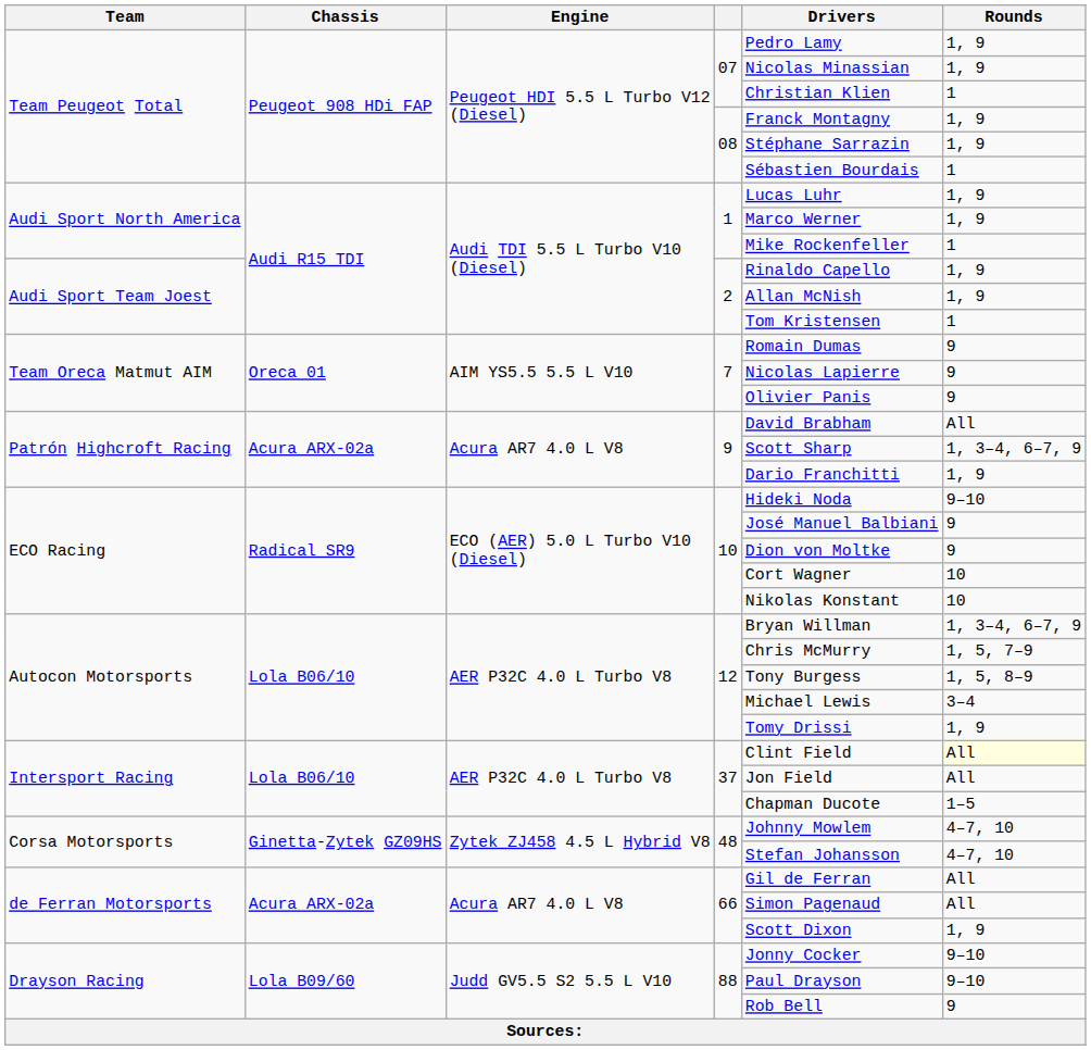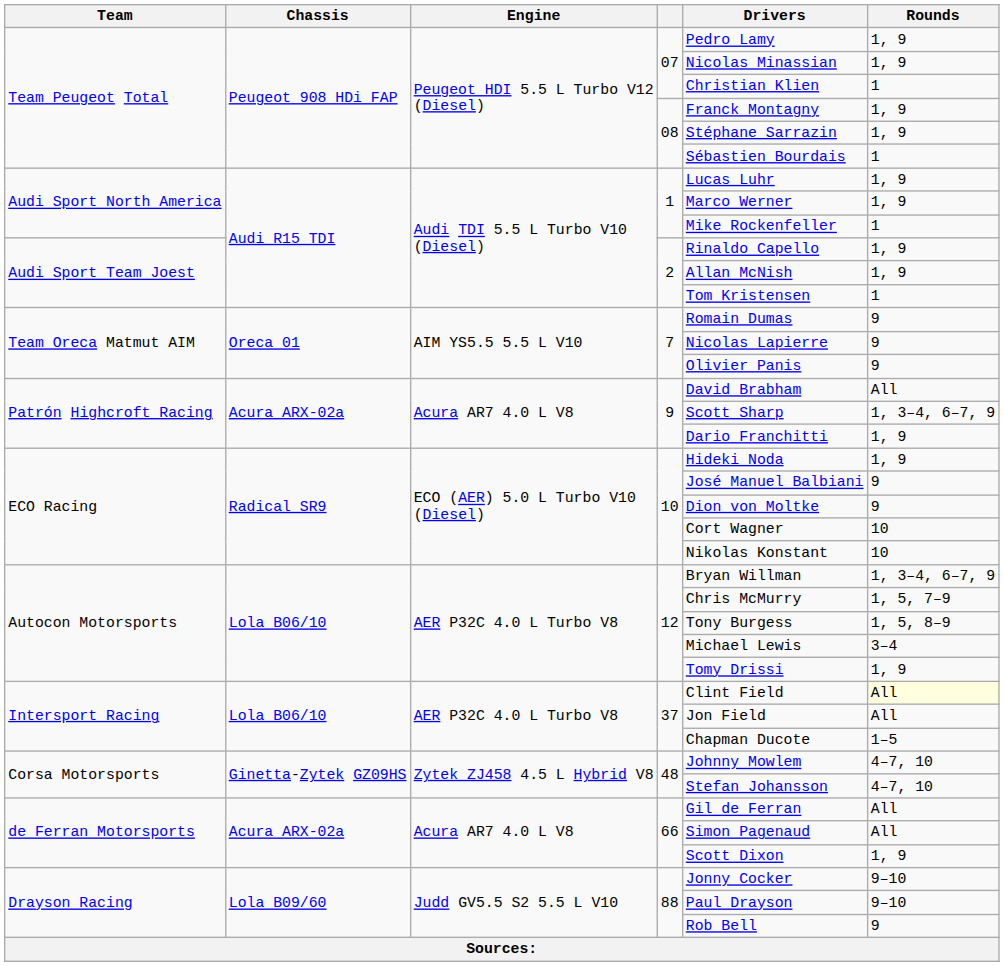 <table class="wikitable" style="font-size: 85%">
 <tr>
 <th>Team</th>
 <th>Chassis</th>
 <th>Engine</th>
 <th></th>
 <th>Drivers</th>
 <th>Rounds</th>
 </tr>
 <tr>
 <td rowspan="6"> <a href='#'>Team Peugeot</a> <a href='#'>Total</a></td>
 <td rowspan="6"><a href='#'>Peugeot 908 HDi FAP</a></td>
 <td rowspan="6"><a href='#'>Peugeot HDI</a> 5.5 L Turbo V12<br>(<a href='#'>Diesel</a>)</td>
 <td rowspan="3" align="center">07</td>
 <td> <a href='#'>Pedro Lamy</a></td>
 <td>1, 9</td>
 </tr>
 <tr>
 <td> <a href='#'>Nicolas Minassian</a></td>
 <td>1, 9</td>
 </tr>
 <tr>
 <td> <a href='#'>Christian Klien</a></td>
 <td>1</td>
 </tr>
 <tr>
 <td rowspan="3" align="center">08</td>
 <td> <a href='#'>Franck Montagny</a></td>
 <td>1, 9</td>
 </tr>
 <tr>
 <td> <a href='#'>Stéphane Sarrazin</a></td>
 <td>1, 9</td>
 </tr>
 <tr>
 <td> <a href='#'>Sébastien Bourdais</a></td>
 <td>1</td>
 </tr>
 <tr>
 <td rowspan="3"> <a href='#'>Audi Sport North America</a></td>
 <td rowspan="6"><a href='#'>Audi R15 TDI</a></td>
 <td rowspan="6"><a href='#'>Audi</a> <a href='#'>TDI</a> 5.5 L Turbo V10<br>(<a href='#'>Diesel</a>)</td>
 <td rowspan="3" align="center">1</td>
 <td> <a href='#'>Lucas Luhr</a></td>
 <td>1, 9</td>
 </tr>
 <tr>
 <td> <a href='#'>Marco Werner</a></td>
 <td>1, 9</td>
 </tr>
 <tr>
 <td> <a href='#'>Mike Rockenfeller</a></td>
 <td>1</td>
 </tr>
 <tr>
 <td rowspan="3"> <a href='#'>Audi Sport Team Joest</a></td>
 <td rowspan="3" align="center">2</td>
 <td> <a href='#'>Rinaldo Capello</a></td>
 <td>1, 9</td>
 </tr>
 <tr>
 <td> <a href='#'>Allan McNish</a></td>
 <td>1, 9</td>
 </tr>
 <tr>
 <td> <a href='#'>Tom Kristensen</a></td>
 <td>1</td>
 </tr>
 <tr>
 <td rowspan="3"> <a href='#'>Team Oreca</a> Matmut AIM</td>
 <td rowspan="3"><a href='#'>Oreca 01</a></td>
 <td rowspan="3">AIM YS5.5 5.5 L V10</td>
 <td rowspan="3" align="center">7</td>
 <td> <a href='#'>Romain Dumas</a></td>
 <td>9</td>
 </tr>
 <tr>
 <td> <a href='#'>Nicolas Lapierre</a></td>
 <td>9</td>
 </tr>
 <tr>
 <td> <a href='#'>Olivier Panis</a></td>
 <td>9</td>
 </tr>
 <tr>
 <td rowspan="3"> <a href='#'>Patrón</a> <a href='#'>Highcroft Racing</a></td>
 <td rowspan="3"><a href='#'>Acura ARX-02a</a></td>
 <td rowspan="3"><a href='#'>Acura</a> AR7 4.0 L V8</td>
 <td rowspan="3" align="center">9</td>
 <td> <a href='#'>David Brabham</a></td>
 <td>All</td>
 </tr>
 <tr>
 <td> <a href='#'>Scott Sharp</a></td>
 <td>1, 3–4, 6–7, 9</td>
 </tr>
 <tr>
 <td> <a href='#'>Dario Franchitti</a></td>
 <td>1, 9</td>
 </tr>
 <tr>
 <td rowspan="5"> ECO Racing</td>
 <td rowspan="5"><a href='#'>Radical SR9</a></td>
 <td rowspan="5">ECO (<a href='#'>AER</a>) 5.0 L Turbo V10<br>(<a href='#'>Diesel</a>)</td>
 <td rowspan="5" align="center">10</td>
 <td> <a href='#'>Hideki Noda</a></td>
-<td>9–10</td>
+<td>1, 9</td>
 </tr>
 <tr>
 <td> <a href='#'>José Manuel Balbiani</a></td>
 <td>9</td>
 </tr>
 <tr>
 <td> <a href='#'>Dion von Moltke</a></td>
 <td>9</td>
 </tr>
 <tr>
 <td> Cort Wagner</td>
 <td>10</td>
 </tr>
 <tr>
 <td> Nikolas Konstant</td>
 <td>10</td>
 </tr>
 <tr>
 <td rowspan="5"> Autocon Motorsports</td>
 <td rowspan="5"><a href='#'>Lola B06/10</a></td>
 <td rowspan="5"><a href='#'>AER</a> P32C 4.0 L Turbo V8</td>
 <td rowspan="5" align="center">12</td>
 <td> Bryan Willman</td>
 <td>1, 3–4, 6–7, 9</td>
 </tr>
 <tr>
 <td> Chris McMurry</td>
 <td>1, 5, 7–9</td>
 </tr>
 <tr>
 <td> Tony Burgess</td>
 <td>1, 5, 8–9</td>
 </tr>
 <tr>
 <td> Michael Lewis</td>
 <td>3–4</td>
 </tr>
 <tr>
 <td> <a href='#'>Tomy Drissi</a></td>
 <td>1, 9</td>
 </tr>
 <tr>
 <td rowspan="3"> <a href='#'>Intersport Racing</a></td>
 <td rowspan="3"><a href='#'>Lola B06/10</a></td>
 <td rowspan="3"><a href='#'>AER</a> P32C 4.0 L Turbo V8</td>
 <td rowspan="3" align="center">37</td>
 <td> Clint Field</td>
 <td style="background: lightyellow;">All</td>
 </tr>
 <tr>
 <td> Jon Field</td>
 <td>All</td>
 </tr>
 <tr>
 <td> Chapman Ducote</td>
 <td>1–5</td>
 </tr>
 <tr>
 <td rowspan="2"> Corsa Motorsports</td>
 <td rowspan="2"><a href='#'>Ginetta</a>-<a href='#'>Zytek</a> <a href='#'>GZ09HS</a></td>
 <td rowspan="2"><a href='#'>Zytek ZJ458</a> 4.5 L <a href='#'>Hybrid</a> V8</td>
 <td rowspan="2" align="center">48</td>
 <td> <a href='#'>Johnny Mowlem</a></td>
 <td>4–7, 10</td>
 </tr>
 <tr>
 <td> <a href='#'>Stefan Johansson</a></td>
 <td>4–7, 10</td>
 </tr>
 <tr>
 <td rowspan="3"> <a href='#'>de Ferran Motorsports</a></td>
 <td rowspan="3"><a href='#'>Acura ARX-02a</a></td>
 <td rowspan="3"><a href='#'>Acura</a> AR7 4.0 L V8</td>
 <td rowspan="3" align="center">66</td>
 <td> <a href='#'>Gil de Ferran</a></td>
 <td>All</td>
 </tr>
 <tr>
 <td> <a href='#'>Simon Pagenaud</a></td>
 <td>All</td>
 </tr>
 <tr>
 <td> <a href='#'>Scott Dixon</a></td>
 <td>1, 9</td>
 </tr>
 <tr>
 <td rowspan="3"> <a href='#'>Drayson Racing</a></td>
 <td rowspan="3"><a href='#'>Lola B09/60</a></td>
 <td rowspan="3"><a href='#'>Judd</a> GV5.5 S2 5.5 L V10</td>
 <td rowspan="3" align="center">88</td>
 <td> <a href='#'>Jonny Cocker</a></td>
 <td>9–10</td>
 </tr>
 <tr>
 <td> <a href='#'>Paul Drayson</a></td>
 <td>9–10</td>
 </tr>
 <tr>
 <td> <a href='#'>Rob Bell</a></td>
 <td>9</td>
 </tr>
 <tr>
 <th colspan="6">Sources:</th>
 </tr>
 <tr>
 </tr>
 </table>
